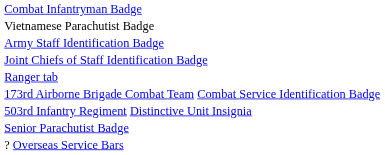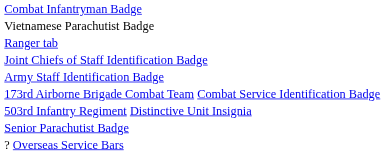 <table>
 <tr>
 <td> <a href='#'>Combat Infantryman Badge</a></td>
 </tr>
 <tr>
 <td> Vietnamese Parachutist Badge</td>
 </tr>
 <tr>
-<td> <a href='#'>Army Staff Identification Badge</a></td>
+<td> <a href='#'>Ranger tab</a></td>
 </tr>
 <tr>
 <td> <a href='#'>Joint Chiefs of Staff Identification Badge</a></td>
 </tr>
 <tr>
-<td> <a href='#'>Ranger tab</a></td>
+<td> <a href='#'>Army Staff Identification Badge</a></td>
 </tr>
 <tr>
 <td> <a href='#'>173rd Airborne Brigade Combat Team</a> <a href='#'>Combat Service Identification Badge</a></td>
 </tr>
 <tr>
 <td> <a href='#'>503rd Infantry Regiment</a> <a href='#'>Distinctive Unit Insignia</a></td>
 </tr>
 <tr>
 <td> <a href='#'>Senior Parachutist Badge</a></td>
 </tr>
 <tr>
 <td> ? <a href='#'>Overseas Service Bars</a></td>
 </tr>
 </table>
